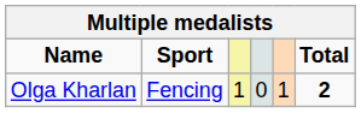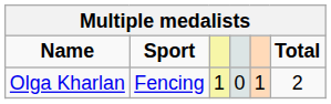 <table class="wikitable" style=font-size:85%;float:center;text-align:center>
 <tr style="background:#efefef;">
 <th colspan=7>Multiple medalists</th>
 </tr>
 <tr align=center>
 <td><strong>Name</strong></td>
 <td><strong>Sport</strong></td>
 <td style="background:#f7f6a8;"></td>
 <td style="background:#dce5e5;"></td>
 <td style="background:#ffdab9;"></td>
 <td><strong>Total</strong></td>
 </tr>
 <tr align=center>
 <td><a href='#'>Olga Kharlan</a></td>
 <td><a href='#'>Fencing</a></td>
 <td style="background:#f7f6a8;">1</td>
 <td style="background:#dce5e5;">0</td>
 <td style="background:#ffdab9;">1</td>
-<td><strong>2</strong></td>
+<td>2</td>
 </tr>
 </table>
